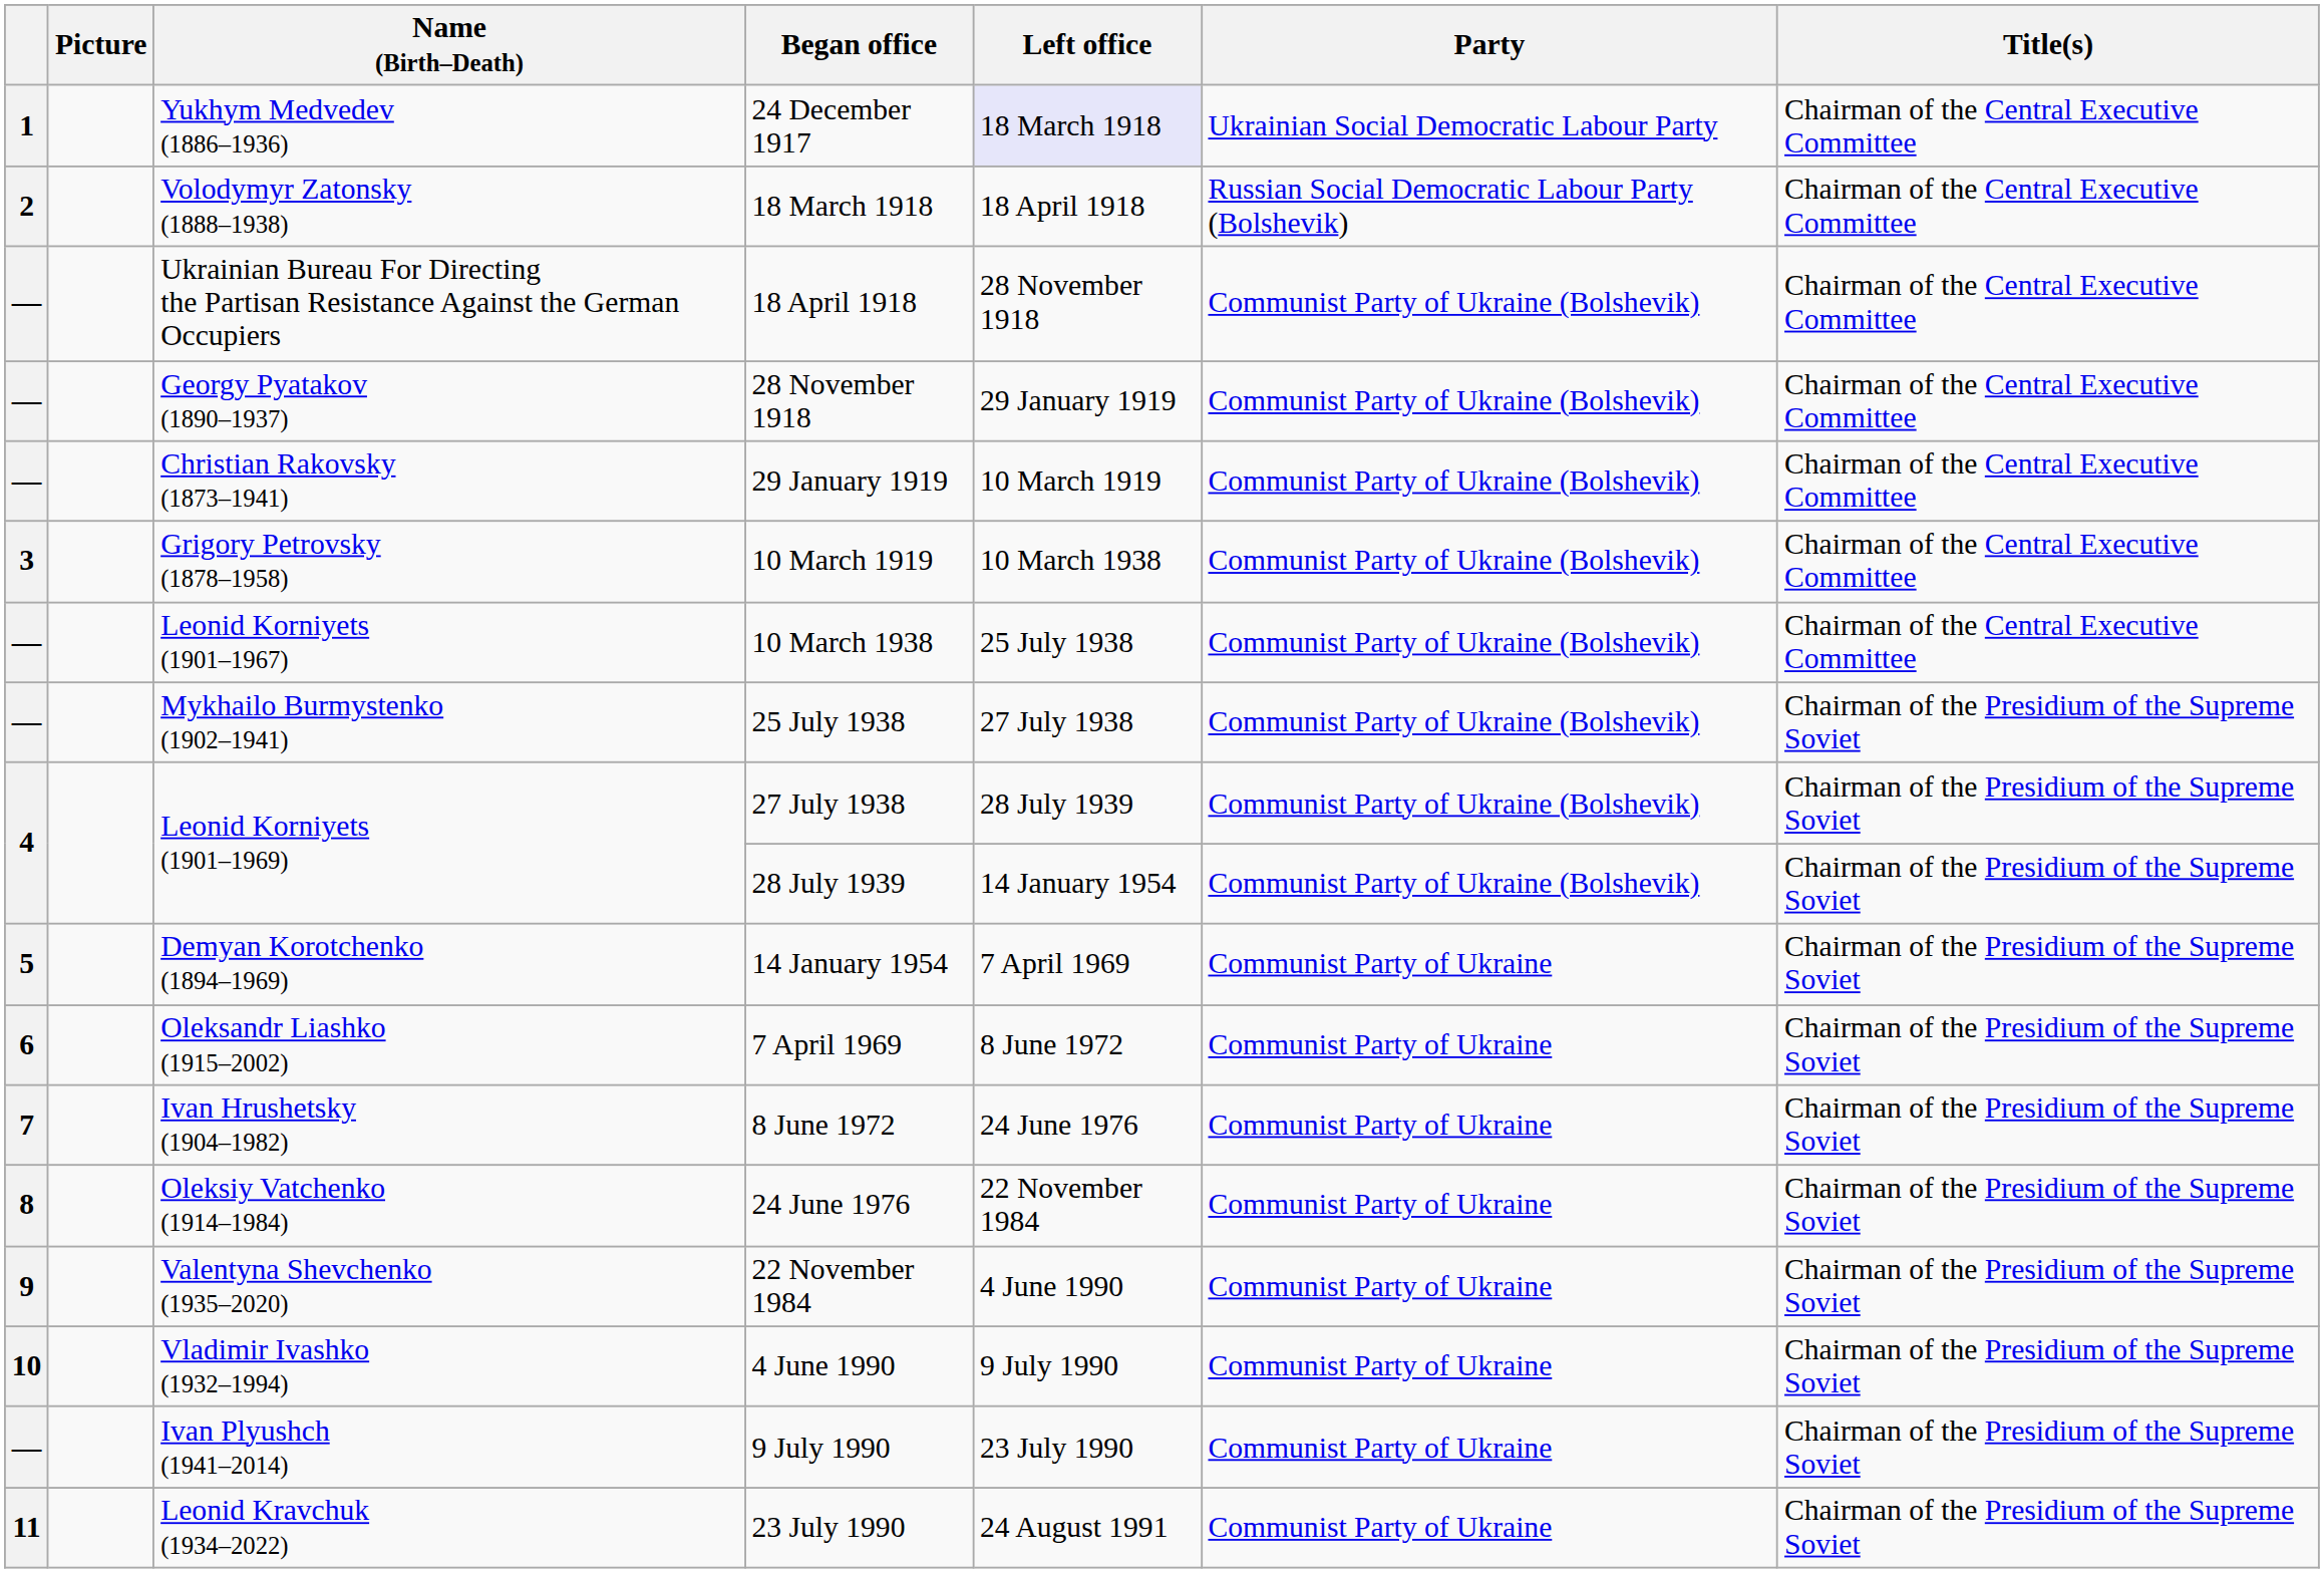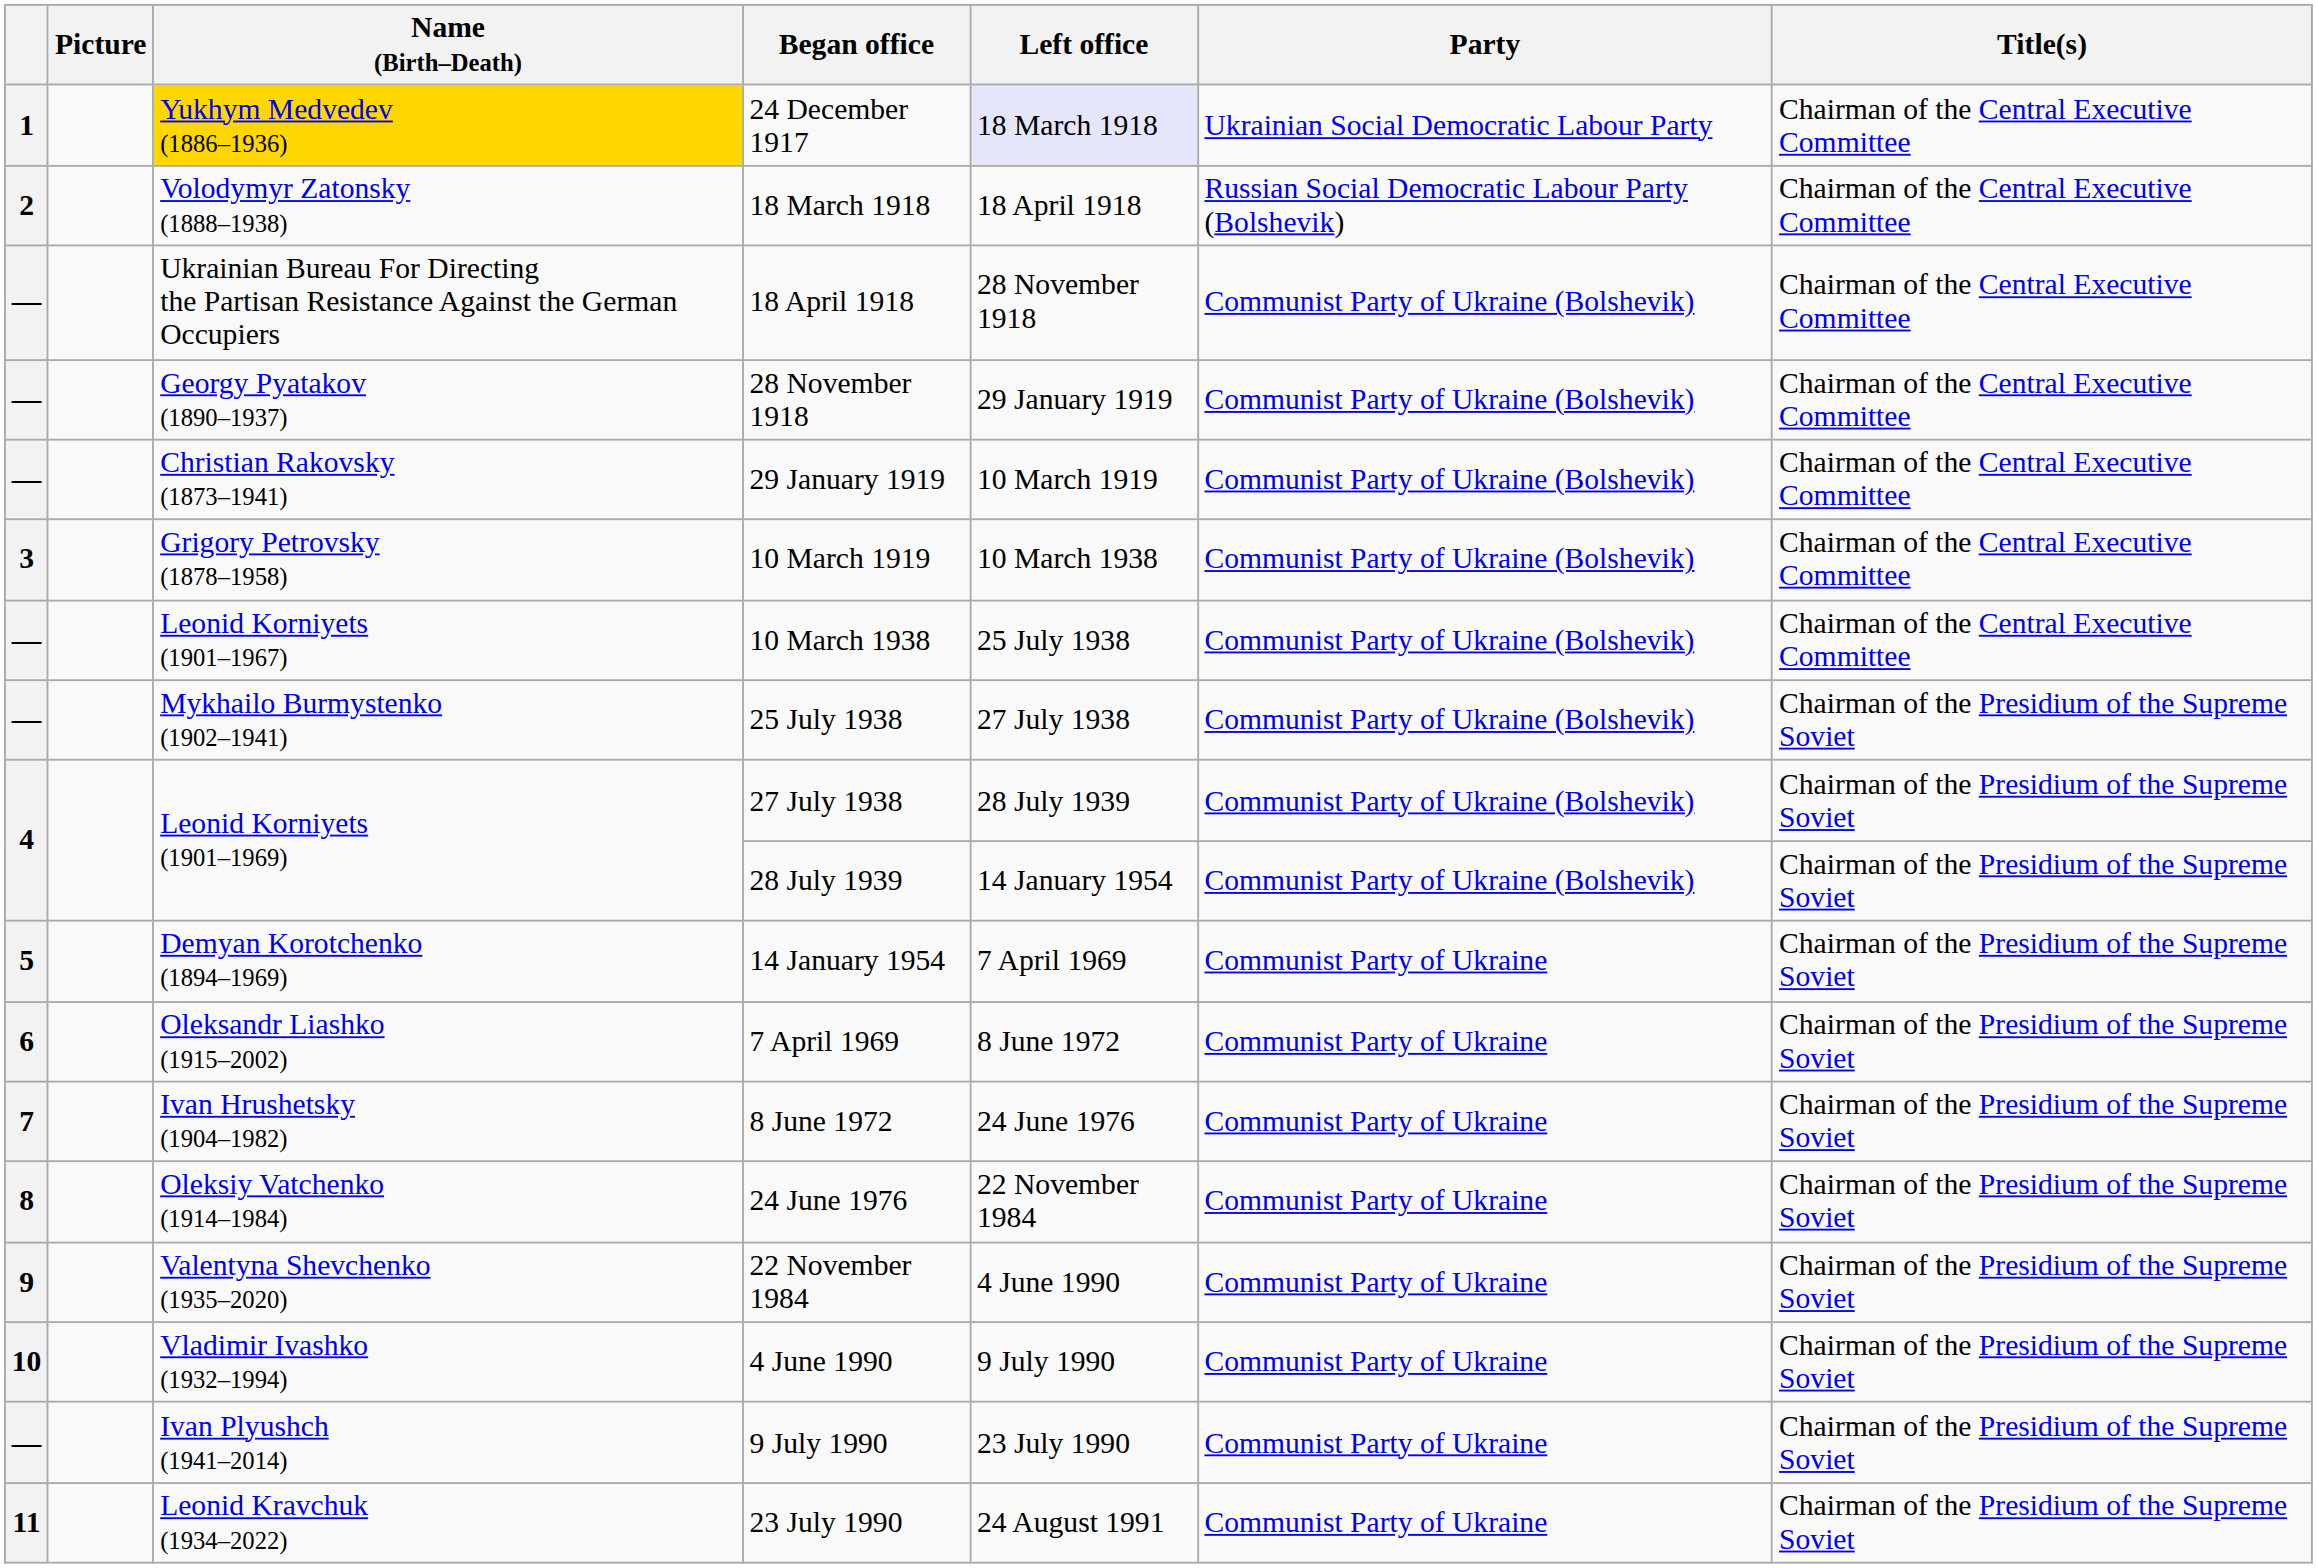 <table class="wikitable">
 <tr>
 <th></th>
 <th>Picture</th>
 <th>Name<br><small>(Birth–Death)</small></th>
 <th>Began office</th>
 <th>Left office</th>
 <th>Party</th>
 <th>Title(s)</th>
 </tr>
 <tr>
 <th style="background:">1</th>
 <td></td>
-<td><a href='#'>Yukhym Medvedev</a><br><small>(1886–1936)</small></td>
+<td style="background: gold;"><a href='#'>Yukhym Medvedev</a><br><small>(1886–1936)</small></td>
 <td>24 December 1917</td>
 <td style="background: lavender;">18 March 1918</td>
 <td><a href='#'>Ukrainian Social Democratic Labour Party</a></td>
 <td>Chairman of the <a href='#'>Central Executive Committee</a></td>
 </tr>
 <tr>
 <th style="background:">2</th>
 <td></td>
 <td><a href='#'>Volodymyr Zatonsky</a><br><small>(1888–1938)</small></td>
 <td>18 March 1918</td>
 <td>18 April 1918</td>
 <td><a href='#'>Russian Social Democratic Labour Party</a> (<a href='#'>Bolshevik</a>)</td>
 <td>Chairman of the <a href='#'>Central Executive Committee</a></td>
 </tr>
 <tr>
 <th style="background:">—</th>
 <td></td>
 <td>Ukrainian Bureau For Directing<br>the Partisan Resistance Against the German Occupiers</td>
 <td>18 April 1918</td>
 <td>28 November 1918</td>
 <td><a href='#'>Communist Party of Ukraine (Bolshevik)</a></td>
 <td>Chairman of the <a href='#'>Central Executive Committee</a></td>
 </tr>
 <tr>
 <th style="background:">—</th>
 <td></td>
 <td><a href='#'>Georgy Pyatakov</a><br><small>(1890–1937)</small></td>
 <td>28 November 1918</td>
 <td>29 January 1919</td>
 <td><a href='#'>Communist Party of Ukraine (Bolshevik)</a></td>
 <td>Chairman of the <a href='#'>Central Executive Committee</a></td>
 </tr>
 <tr>
 <th style="background:">—</th>
 <td></td>
 <td><a href='#'>Christian Rakovsky</a><br><small>(1873–1941)</small></td>
 <td>29 January 1919</td>
 <td>10 March 1919</td>
 <td><a href='#'>Communist Party of Ukraine (Bolshevik)</a></td>
 <td>Chairman of the <a href='#'>Central Executive Committee</a></td>
 </tr>
 <tr>
 <th style="background:">3</th>
 <td></td>
 <td><a href='#'>Grigory Petrovsky</a><br><small>(1878–1958)</small></td>
 <td>10 March 1919</td>
 <td>10 March 1938</td>
 <td><a href='#'>Communist Party of Ukraine (Bolshevik)</a></td>
 <td>Chairman of the <a href='#'>Central Executive Committee</a></td>
 </tr>
 <tr>
 <th style="background:">—</th>
 <td></td>
 <td><a href='#'>Leonid Korniyets</a><br><small>(1901–1967)</small></td>
 <td>10 March 1938</td>
 <td>25 July 1938</td>
 <td><a href='#'>Communist Party of Ukraine (Bolshevik)</a></td>
 <td>Chairman of the <a href='#'>Central Executive Committee</a></td>
 </tr>
 <tr>
 <th style="background:">—</th>
 <td></td>
 <td><a href='#'>Mykhailo Burmystenko</a><br><small>(1902–1941)</small></td>
 <td>25 July 1938</td>
 <td>27 July 1938</td>
 <td><a href='#'>Communist Party of Ukraine (Bolshevik)</a></td>
 <td>Chairman of the <a href='#'>Presidium of the Supreme Soviet</a></td>
 </tr>
 <tr>
 <th rowspan="2" style="background:">4</th>
 <td rowspan="2"></td>
 <td rowspan="2"><a href='#'>Leonid Korniyets</a><br><small>(1901–1969)</small></td>
 <td>27 July 1938</td>
 <td>28 July 1939</td>
 <td><a href='#'>Communist Party of Ukraine (Bolshevik)</a></td>
 <td>Chairman of the <a href='#'>Presidium of the Supreme Soviet</a></td>
 </tr>
 <tr>
 <td>28 July 1939</td>
 <td>14 January 1954</td>
 <td><a href='#'>Communist Party of Ukraine (Bolshevik)</a></td>
 <td>Chairman of the <a href='#'>Presidium of the Supreme Soviet</a></td>
 </tr>
 <tr>
 <th style="background:">5</th>
 <td></td>
 <td><a href='#'>Demyan Korotchenko</a><br><small>(1894–1969)</small></td>
 <td>14 January 1954</td>
 <td>7 April 1969</td>
 <td><a href='#'>Communist Party of Ukraine</a></td>
 <td>Chairman of the <a href='#'>Presidium of the Supreme Soviet</a></td>
 </tr>
 <tr>
 <th style="background:">6</th>
 <td></td>
 <td><a href='#'>Oleksandr Liashko</a><br><small>(1915–2002)</small></td>
 <td>7 April 1969</td>
 <td>8 June 1972</td>
 <td><a href='#'>Communist Party of Ukraine</a></td>
 <td>Chairman of the <a href='#'>Presidium of the Supreme Soviet</a></td>
 </tr>
 <tr>
 <th style="background:">7</th>
 <td></td>
 <td><a href='#'>Ivan Hrushetsky</a><br><small>(1904–1982)</small></td>
 <td>8 June 1972</td>
 <td>24 June 1976</td>
 <td><a href='#'>Communist Party of Ukraine</a></td>
 <td>Chairman of the <a href='#'>Presidium of the Supreme Soviet</a></td>
 </tr>
 <tr>
 <th style="background:">8</th>
 <td></td>
 <td><a href='#'>Oleksiy Vatchenko</a><br><small>(1914–1984)</small></td>
 <td>24 June 1976</td>
 <td>22 November 1984</td>
 <td><a href='#'>Communist Party of Ukraine</a></td>
 <td>Chairman of the <a href='#'>Presidium of the Supreme Soviet</a></td>
 </tr>
 <tr>
 <th style="background:">9</th>
 <td></td>
 <td><a href='#'>Valentyna Shevchenko</a><br><small>(1935–2020)</small></td>
 <td>22 November 1984</td>
 <td>4 June 1990</td>
 <td><a href='#'>Communist Party of Ukraine</a></td>
 <td>Chairman of the <a href='#'>Presidium of the Supreme Soviet</a></td>
 </tr>
 <tr>
 <th style="background:">10</th>
 <td></td>
 <td><a href='#'>Vladimir Ivashko</a><br><small>(1932–1994)</small></td>
 <td>4 June 1990</td>
 <td>9 July 1990</td>
 <td><a href='#'>Communist Party of Ukraine</a></td>
 <td>Chairman of the <a href='#'>Presidium of the Supreme Soviet</a></td>
 </tr>
 <tr>
 <th style="background:">—</th>
 <td></td>
 <td><a href='#'>Ivan Plyushch</a><br><small>(1941–2014)</small></td>
 <td>9 July 1990</td>
 <td>23 July 1990</td>
 <td><a href='#'>Communist Party of Ukraine</a></td>
 <td>Chairman of the <a href='#'>Presidium of the Supreme Soviet</a></td>
 </tr>
 <tr>
 <th style="background:">11</th>
 <td></td>
 <td><a href='#'>Leonid Kravchuk</a><br><small>(1934–2022)</small></td>
 <td>23 July 1990</td>
 <td>24 August 1991</td>
 <td><a href='#'>Communist Party of Ukraine</a></td>
 <td>Chairman of the <a href='#'>Presidium of the Supreme Soviet</a></td>
 </tr>
 </table>
